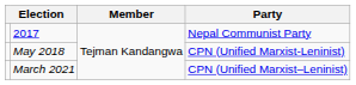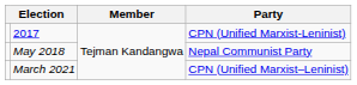 <table class="wikitable">
 <tr>
 <th colspan="2">Election</th>
 <th>Member</th>
 <th>Party</th>
 </tr>
 <tr>
 <td style="background-color:"></td>
 <td><a href='#'>2017</a></td>
 <td rowspan="3">Tejman Kandangwa</td>
-<td><a href='#'>Nepal Communist Party</a></td>
+<td><a href='#'>CPN (Unified Marxist-Leninist)</a></td>
 </tr>
 <tr>
 <td style="background-color:"></td>
 <td><em>May 2018</em></td>
-<td><a href='#'>CPN (Unified Marxist-Leninist)</a></td>
+<td><a href='#'>Nepal Communist Party</a></td>
 </tr>
 <tr>
 <td style="background-color:"></td>
 <td><em>March 2021</em></td>
 <td><a href='#'>CPN (Unified Marxist–Leninist)</a></td>
 </tr>
 </table>
